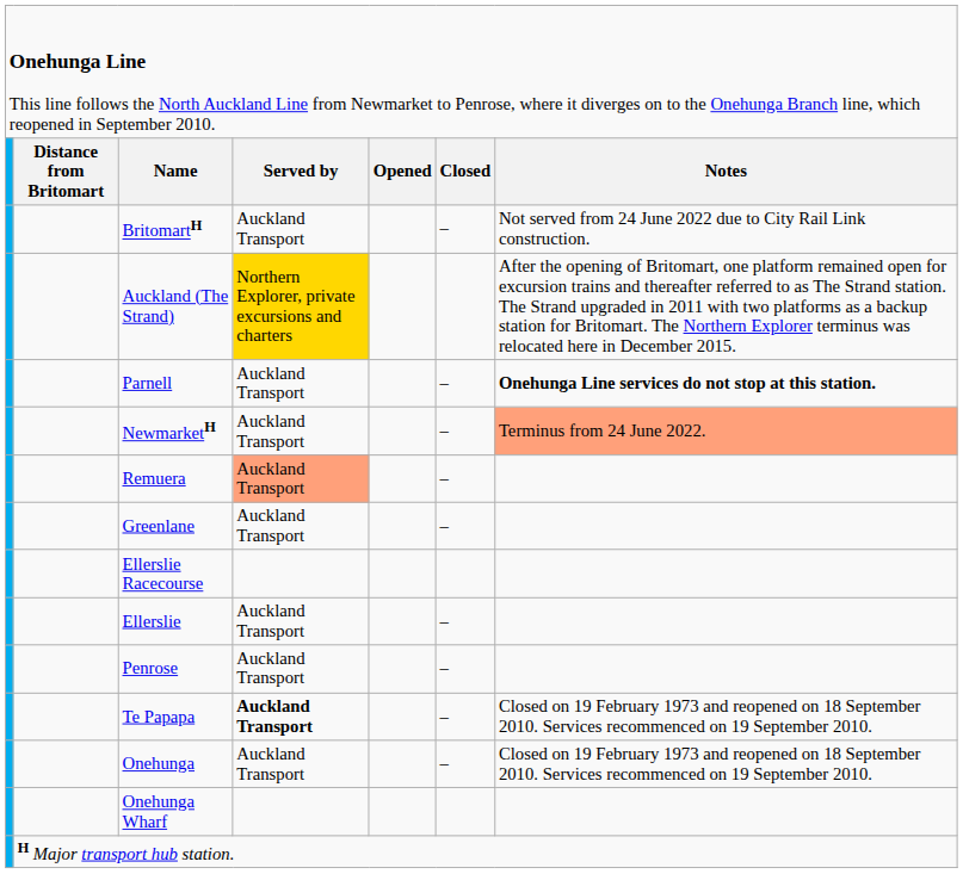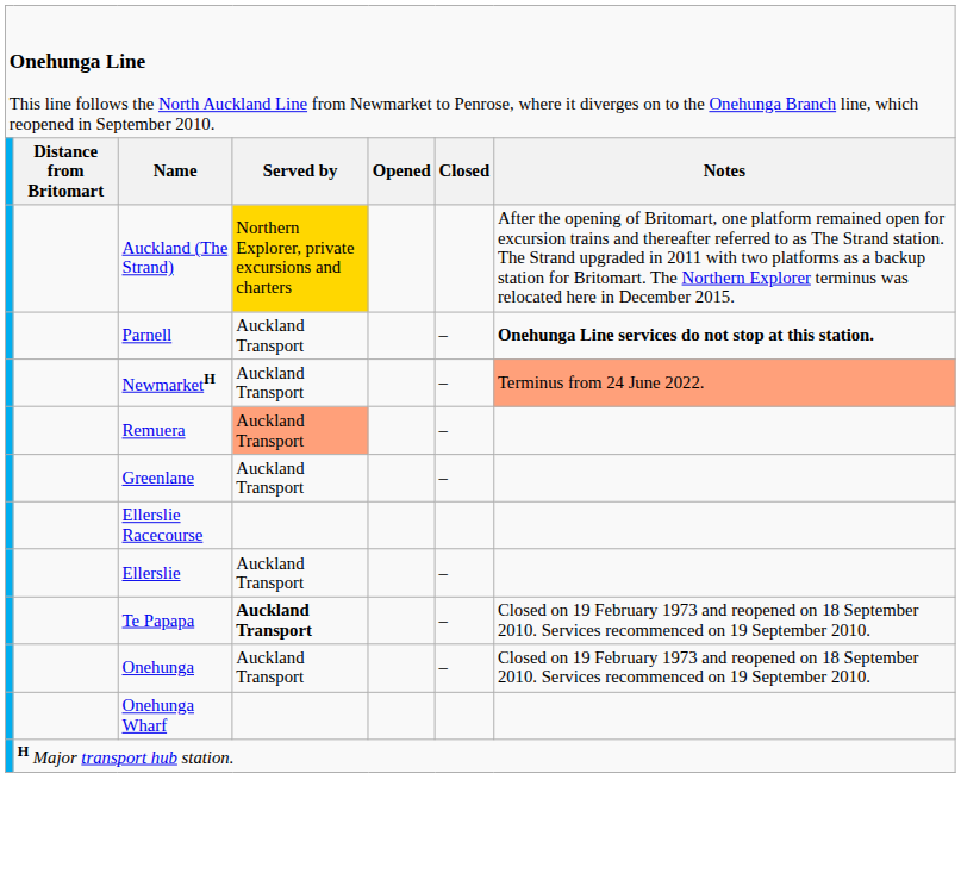 <table class="wikitable">
 <tr>
 <td align="left" colspan=7><br><h3>Onehunga Line</h3> This line follows the <a href='#'>North Auckland Line</a> from Newmarket to Penrose, where it diverges on to the <a href='#'>Onehunga Branch</a> line, which reopened in September 2010.</td>
 </tr>
 <tr>
 <td bgcolor=#00aeef></td>
 <th>Distance from Britomart</th>
 <th>Name</th>
 <th>Served by</th>
 <th>Opened</th>
 <th>Closed</th>
 <th>Notes</th>
-</tr>
-<tr>
-<td bgcolor=#00aeef></td>
-<td></td>
-<td><a href='#'>Britomart</a><strong><sup>H</sup></strong></td>
-<td>Auckland Transport</td>
-<td></td>
-<td>–</td>
-<td>Not served from 24 June 2022 due to City Rail Link construction.</td>
 </tr>
 <tr>
 <td bgcolor=#00aeef></td>
 <td></td>
 <td><a href='#'>Auckland (The Strand)</a></td>
 <td style="background: gold;">Northern Explorer, private excursions and charters</td>
 <td></td>
 <td></td>
 <td>After the opening of Britomart, one platform remained open for excursion trains and thereafter referred to as The Strand station. The Strand upgraded in 2011 with two platforms as a backup station for Britomart. The <a href='#'>Northern Explorer</a> terminus was relocated here in December 2015.</td>
 </tr>
 <tr>
 <td bgcolor=#00aeef></td>
 <td></td>
 <td><a href='#'>Parnell</a></td>
 <td>Auckland Transport</td>
 <td></td>
 <td>–</td>
 <td><strong>Onehunga Line services do not stop at this station.</strong></td>
 </tr>
 <tr>
 <td bgcolor=#00aeef></td>
 <td></td>
 <td><a href='#'>Newmarket</a><strong><sup>H</sup></strong></td>
 <td>Auckland Transport</td>
 <td></td>
 <td>–</td>
 <td style="background: lightsalmon;">Terminus from 24 June 2022.</td>
 </tr>
 <tr>
 <td bgcolor=#00aeef></td>
 <td></td>
 <td><a href='#'>Remuera</a></td>
 <td style="background: lightsalmon;">Auckland Transport</td>
 <td></td>
 <td>–</td>
 <td></td>
 </tr>
 <tr>
 <td bgcolor=#00aeef></td>
 <td></td>
 <td><a href='#'>Greenlane</a></td>
 <td>Auckland Transport</td>
 <td></td>
 <td>–</td>
 <td></td>
 </tr>
 <tr>
 <td bgcolor=#00aeef></td>
 <td></td>
 <td><a href='#'>Ellerslie Racecourse</a></td>
 <td></td>
 <td> </td>
 <td></td>
 <td></td>
 </tr>
 <tr>
 <td bgcolor=#00aeef></td>
 <td></td>
 <td><a href='#'>Ellerslie</a></td>
 <td>Auckland Transport</td>
 <td></td>
 <td>–</td>
 <td></td>
 </tr>
 <tr>
 <td bgcolor=#00aeef></td>
 <td></td>
-<td><a href='#'>Penrose</a></td>
-<td>Auckland Transport</td>
-<td></td>
-<td>–</td>
-<td></td>
-</tr>
-<tr>
-<td bgcolor=#00aeef></td>
-<td></td>
 <td><a href='#'>Te Papapa</a></td>
 <td><strong>Auckland Transport</strong></td>
 <td></td>
 <td>–</td>
 <td>Closed on 19 February 1973 and reopened on 18 September 2010. Services recommenced on 19 September 2010.</td>
 </tr>
 <tr>
 <td bgcolor=#00aeef></td>
 <td></td>
 <td><a href='#'>Onehunga</a></td>
 <td>Auckland Transport</td>
 <td></td>
 <td>–</td>
 <td>Closed on 19 February 1973 and reopened on 18 September 2010. Services recommenced on 19 September 2010.</td>
 </tr>
 <tr>
 <td bgcolor=#00aeef></td>
 <td></td>
 <td><a href='#'>Onehunga Wharf</a></td>
 <td></td>
 <td> </td>
 <td></td>
 <td></td>
 </tr>
 <tr>
 <td bgcolor=#00aeef></td>
 <td colspan=6><strong><sup>H</sup></strong> <em>Major <a href='#'>transport hub</a> station.</em></td>
 </tr>
 </table>
